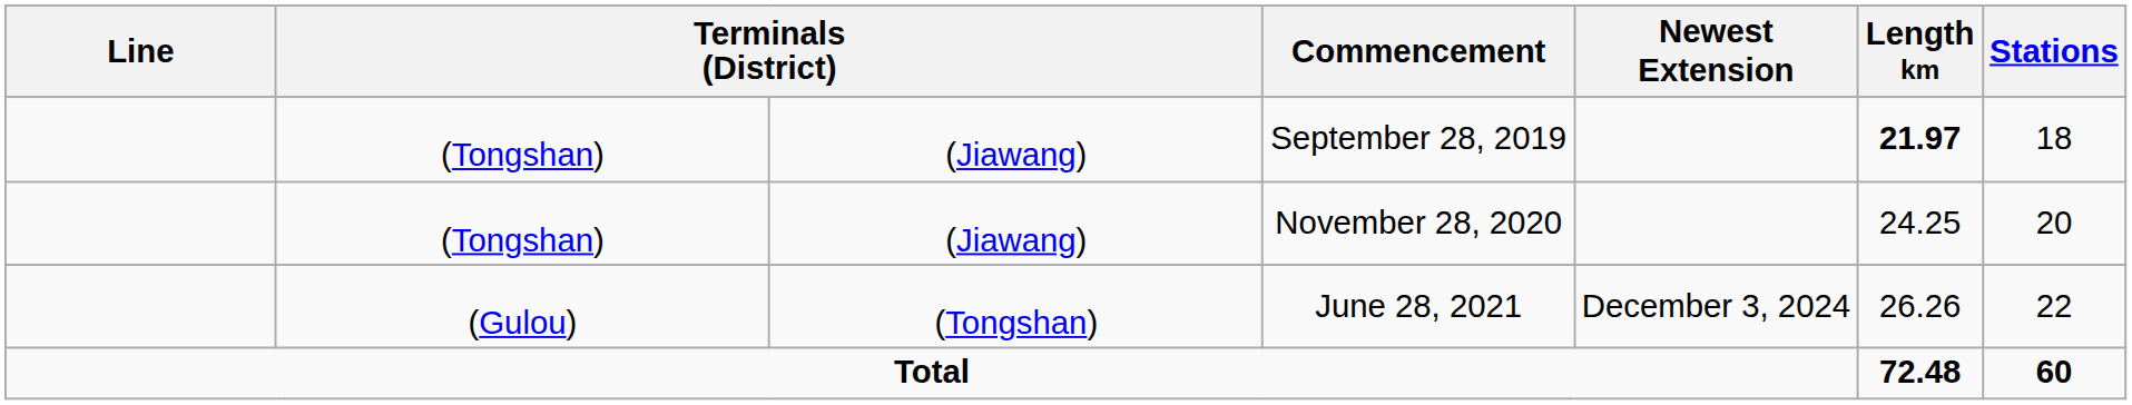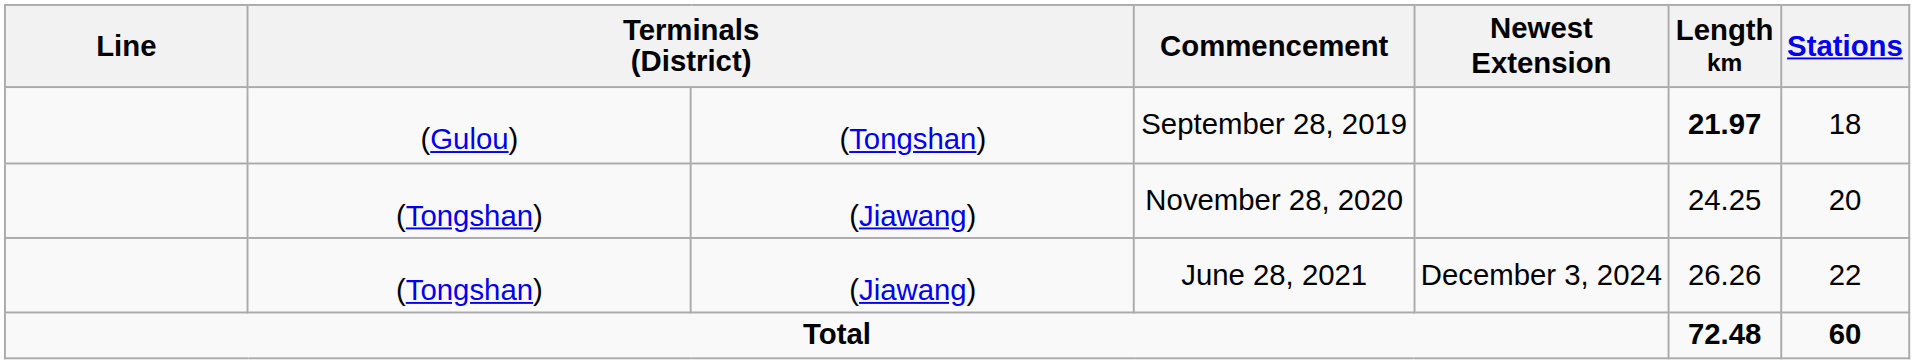 <table class="wikitable sortable" style="cell-padding:1.5; font-size:96%; text-align:center;">
 <tr>
 <th data-sort-type="text"style="width:120px;">Line</th>
 <th class="unsortable" colspan="2" style="width:450px; line-height:1.05">Terminals<br>(District)</th>
 <th>Commencement</th>
 <th>Newest<br>Extension</th>
 <th style="line-height:1.05">Length<br><small>km</small></th>
 <th style="line-height:1.05"><a href='#'>Stations</a></th>
 </tr>
 <tr>
 <td style="text-align:center; line-height:1.05"></td>
-<td style="text-align:center; width:225px; line-height:1.05"><strong></strong><br>(<a href='#'>Tongshan</a>)</td>
-<td style="text-align:center; width:225px; line-height:1.05"><strong></strong><br>(<a href='#'>Jiawang</a>)</td>
+<td style="text-align:center; line-height:1.05"><strong></strong><br>(<a href='#'>Gulou</a>)</td>
+<td style="text-align:center; line-height:1.05"><strong></strong><br>(<a href='#'>Tongshan</a>)</td>
 <td style="text-align:center; line-height:1.05">September 28, 2019</td>
 <td style="text-align:center; line-height:1.05"></td>
 <td style="text-align:center; line-height:1.05"><strong>21.97</strong></td>
 <td style="text-align:center; line-height:1.05">18</td>
 </tr>
 <tr>
 <td style="text-align:center; line-height:1.05"></td>
 <td style="text-align:center; line-height:1.05"><strong></strong><br>(<a href='#'>Tongshan</a>)</td>
 <td style="text-align:center; line-height:1.05"><strong></strong><br>(<a href='#'>Jiawang</a>)</td>
 <td style="text-align:center; line-height:1.05">November 28, 2020</td>
 <td style="text-align:center; line-height:1.05"></td>
 <td style="text-align:center; line-height:1.05">24.25</td>
 <td style="text-align:center; line-height:1.05">20</td>
 </tr>
 <tr>
 <td style="text-align:center; line-height:1.05"></td>
-<td style="text-align:center; line-height:1.05"><strong></strong><br>(<a href='#'>Gulou</a>)</td>
-<td style="text-align:center; line-height:1.05"><strong></strong><br>(<a href='#'>Tongshan</a>)</td>
+<td style="text-align:center; width:225px; line-height:1.05"><strong></strong><br>(<a href='#'>Tongshan</a>)</td>
+<td style="text-align:center; width:225px; line-height:1.05"><strong></strong><br>(<a href='#'>Jiawang</a>)</td>
 <td style="text-align:center; line-height:1.05">June 28, 2021</td>
 <td style="text-align:center; line-height:1.05">December 3, 2024</td>
 <td style="text-align:center; line-height:1.05">26.26</td>
 <td style="text-align:center; line-height:1.05">22</td>
 </tr>
 <tr class="sortbottom">
 <td colspan="5" style="text-align:center; line-height:1.05"><strong>Total</strong></td>
 <td style="text-align:center; line-height:1.05"><strong>72.48</strong></td>
 <td style="text-align:center; line-height:1.05"><strong>60</strong></td>
 </tr>
 </table>
